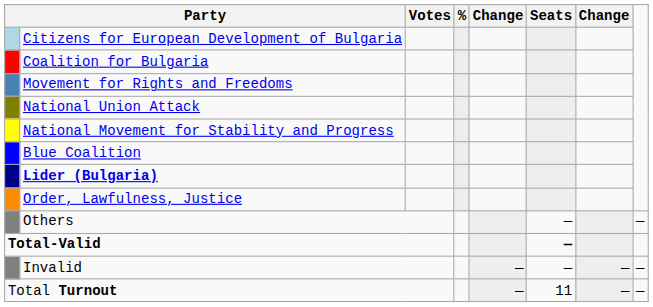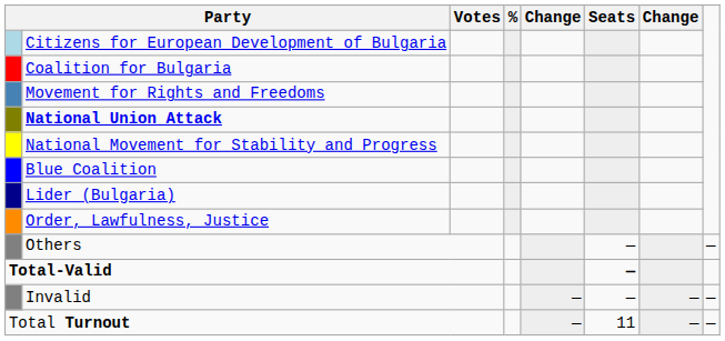 <table class="wikitable" border="1">
 <tr style="background-color:#C9C9C9">
 <th align=left colspan=2 valign=top>Party</th>
 <th align-right>Votes</th>
 <th align=right>%</th>
 <th align=right>Change</th>
 <th align=right>Seats</th>
 <th align=right>Change</th>
 </tr>
 <tr>
 <td bgcolor="lightblue"> </td>
 <td align=left><a href='#'>Citizens for European Development of Bulgaria</a></td>
 <td align=right></td>
 <td align=right style="background-color:#EEEEEE"></td>
 <td align=right></td>
 <td align=right style="background-color:#EEEEEE"></td>
 <td align=right></td>
 </tr>
 <tr>
 <td bgcolor="red"> </td>
 <td align=left><a href='#'>Coalition for Bulgaria</a></td>
 <td align=right></td>
 <td align=right style="background-color:#EEEEEE"></td>
 <td align=right></td>
 <td align=right style="background-color:#EEEEEE"></td>
 <td align=right></td>
 </tr>
 <tr>
 <td bgcolor="#4682B4"> </td>
 <td align=left><a href='#'>Movement for Rights and Freedoms</a></td>
 <td align=right></td>
 <td align=right style="background-color:#EEEEEE"></td>
 <td align=right></td>
 <td align=right style="background-color:#EEEEEE"></td>
 <td align=right></td>
 </tr>
 <tr>
 <td bgcolor="#808000"> </td>
-<td align=left><a href='#'>National Union Attack</a></td>
+<td align=left><strong><a href='#'>National Union Attack</a></strong></td>
 <td align=right></td>
 <td align=right style="background-color:#EEEEEE"></td>
 <td align=right></td>
 <td align=right style="background-color:#EEEEEE"></td>
 <td align=right></td>
 </tr>
 <tr>
 <td bgcolor="yellow"> </td>
 <td align=left><a href='#'>National Movement for Stability and Progress</a></td>
 <td align=right></td>
 <td align=right style="background-color:#EEEEEE"></td>
 <td align=right></td>
 <td align=right style="background-color:#EEEEEE"></td>
 <td align=right></td>
 </tr>
 <tr>
 <td bgcolor="blue"> </td>
 <td align=left><a href='#'>Blue Coalition</a></td>
 <td align=right></td>
 <td align=right style="background-color:#EEEEEE"></td>
 <td align=right></td>
 <td align=right style="background-color:#EEEEEE"></td>
 <td align=right></td>
 </tr>
 <tr>
 <td bgcolor="darkblue"> </td>
-<td align=left><strong><a href='#'>Lider (Bulgaria)</a></strong></td>
+<td align=left><a href='#'>Lider (Bulgaria)</a></td>
 <td align=right></td>
 <td align=right style="background-color:#EEEEEE"></td>
 <td align=right></td>
 <td align=right style="background-color:#EEEEEE"></td>
 <td align=right></td>
 </tr>
 <tr>
 <td bgcolor="darkorange"> </td>
 <td align=left><a href='#'>Order, Lawfulness, Justice</a></td>
 <td align=right></td>
 <td align=right style="background-color:#EEEEEE"></td>
 <td align=right></td>
 <td align=right style="background-color:#EEEEEE"></td>
 <td align=right></td>
 </tr>
 <tr>
 <td bgcolor="grey"> </td>
 <td align=left colspan=2>Others</td>
 <td align=right></td>
 <td align=right style="background-color:#EEEEEE"></td>
 <td align=right>—</td>
 <td align=right style="background-color:#EEEEEE"></td>
 <td align=right>—</td>
 </tr>
 <tr>
 <td align=left colspan=3><strong>Total-Valid</strong></td>
 <td align=right></td>
 <td align=right style="background-color:#EEEEEE"></td>
 <td align=right><strong>—<em></td>
 <td align=right style="background-color:#EEEEEE"></td>
 <td align=right></td>
 </tr>
 <tr>
 <td bgcolor="grey"></td>
 <td align=left colspan=2>Invalid</td>
 <td align=right></td>
 <td align=right style="background-color:#EEEEEE">—</td>
 <td align=right>—</td>
 <td align=right style="background-color:#EEEEEE">—</td>
 <td align=right>—</td>
 </tr>
 <tr>
 <td align=left colspan=3></strong>Total<strong>      </em> Turnout<em></td>
 <td align=right></td>
 <td align=right style="background-color:#EEEEEE"></strong>—<strong></td>
 <td align=right></strong>11<strong></td>
 <td align=right style="background-color:#EEEEEE"></strong>—<strong></td>
 <td align=right></strong>—<strong></td>
 </tr>
 </table>
